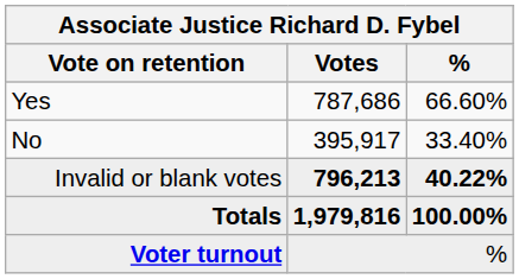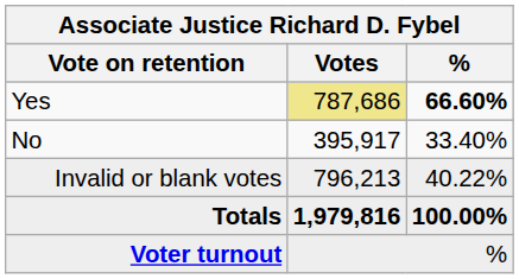 <table class="wikitable" style="font-size: 95%;">
 <tr style="background-color:#E9E9E9">
 <th colspan=7>Associate Justice Richard D. Fybel</th>
 </tr>
 <tr style="background-color:#E9E9E9">
 <th style="width: 170px">Vote on retention</th>
 <th style="width: 50px">Votes</th>
 <th style="width: 40px">%</th>
 </tr>
 <tr>
 <td>Yes</td>
-<td align="right">787,686</td>
-<td align="right">66.60%</td>
+<td align="right" style="background: khaki;">787,686</td>
+<td align="right"><strong>66.60%</strong></td>
 </tr>
 <tr>
 <td>No</td>
 <td align="right">395,917</td>
 <td align="right">33.40%</td>
 </tr>
 <tr bgcolor="#EEEEEE">
 <td align="right">Invalid or blank votes</td>
-<td align="right"><strong>796,213</strong></td>
-<td align="right"><strong>40.22%</strong></td>
+<td align="right">796,213</td>
+<td align="right">40.22%</td>
 </tr>
 <tr bgcolor="#EEEEEE">
 <td align="right"><strong>Totals</strong></td>
 <td align="right"><strong>1,979,816</strong></td>
 <td align="right"><strong>100.00%</strong></td>
 </tr>
 <tr bgcolor="#EEEEEE">
 <td align="right"><strong><a href='#'>Voter turnout</a></strong></td>
 <td colspan="2" align="right">%</td>
 </tr>
 </table>
